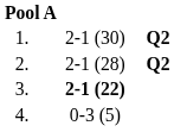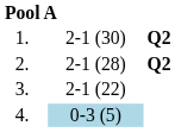 <table style="text-align:center">
 <tr>
 <td colspan=4 align=left><strong>Pool A</strong></td>
 </tr>
 <tr>
 <td width=30>1.</td>
 <td align=left></td>
 <td width=80>2-1 (30)</td>
 <td><strong>Q2</strong></td>
 </tr>
 <tr>
 <td>2.</td>
 <td align=left></td>
 <td>2-1 (28)</td>
 <td><strong>Q2</strong></td>
 </tr>
 <tr>
 <td>3.</td>
 <td align=left></td>
-<td><strong>2-1 (22)</strong></td>
+<td>2-1 (22)</td>
 <td></td>
 </tr>
 <tr>
 <td>4.</td>
 <td align=left></td>
-<td>0-3 (5)</td>
+<td style="background: lightblue;">0-3 (5)</td>
 <td></td>
 </tr>
 </table>
